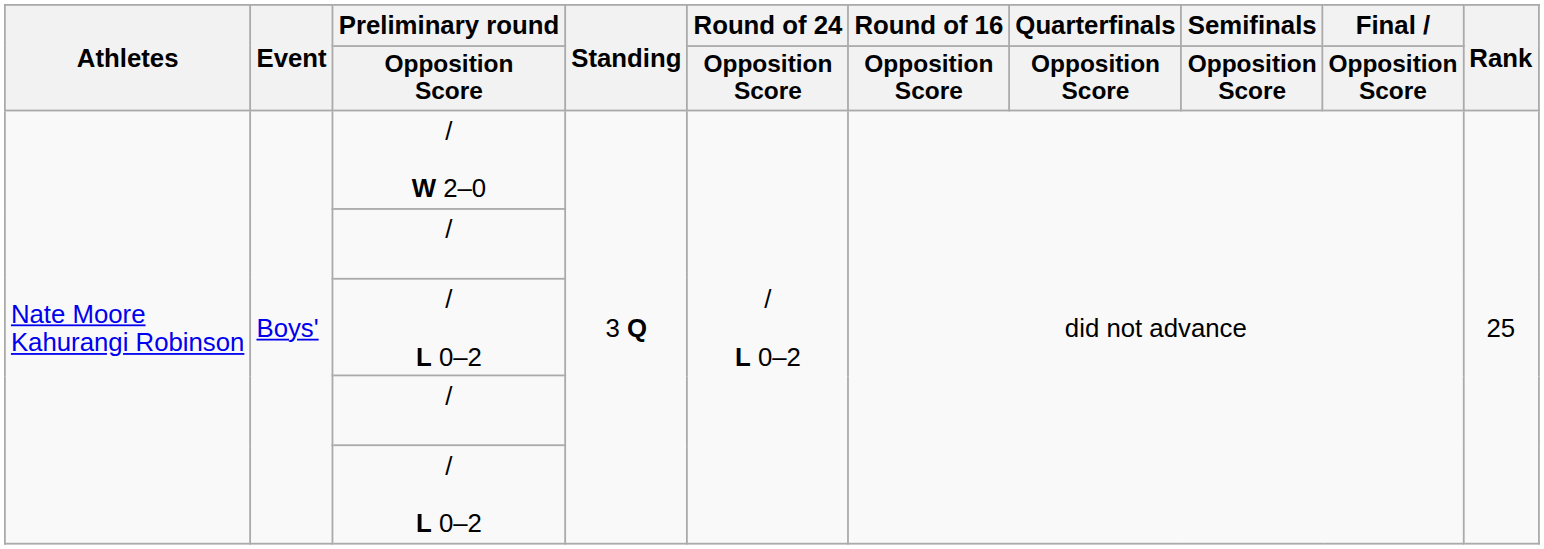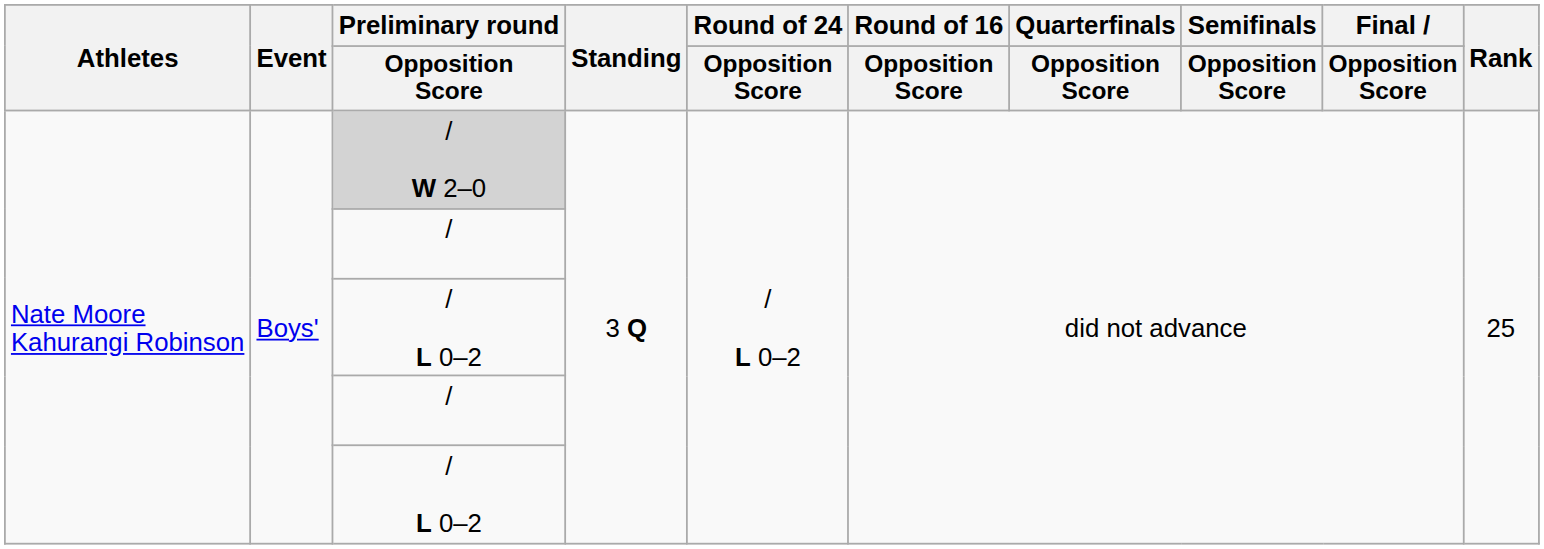 <table class=wikitable style="font-size:90%">
 <tr>
 <th rowspan="2">Athletes</th>
 <th rowspan="2">Event</th>
 <th>Preliminary round</th>
 <th rowspan="2">Standing</th>
 <th>Round of 24</th>
 <th>Round of 16</th>
 <th>Quarterfinals</th>
 <th>Semifinals</th>
 <th>Final / </th>
 <th rowspan=2>Rank</th>
 </tr>
 <tr style="font-size:95%">
 <th>Opposition<br>Score</th>
 <th>Opposition<br>Score</th>
 <th>Opposition<br>Score</th>
 <th>Opposition<br>Score</th>
 <th>Opposition<br>Score</th>
 <th>Opposition<br>Score</th>
 </tr>
 <tr align=center>
 <td align=left rowspan=5><a href='#'>Nate Moore</a><br><a href='#'>Kahurangi Robinson</a></td>
 <td align=left rowspan=5><a href='#'>Boys'</a></td>
-<td>/<br><br><strong>W</strong> 2–0</td>
+<td style="background: lightgrey;">/<br><br><strong>W</strong> 2–0</td>
 <td rowspan=5>3 <strong>Q</strong></td>
 <td rowspan=5>/<br><br><strong>L</strong> 0–2</td>
 <td rowspan=5 colspan=4>did not advance</td>
 <td rowspan=5>25</td>
 </tr>
 <tr align=center>
 <td>/<br><br></td>
 </tr>
 <tr align=center>
 <td>/<br><br><strong>L</strong> 0–2</td>
 </tr>
 <tr align=center>
 <td>/<br><br></td>
 </tr>
 <tr align=center>
 <td>/<br><br><strong>L</strong> 0–2</td>
 </tr>
 </table>
